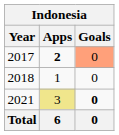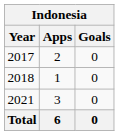 <table class="wikitable">
 <tr>
 <th colspan="5">Indonesia</th>
 </tr>
 <tr>
 <th>Year</th>
 <th>Apps</th>
 <th>Goals</th>
 </tr>
 <tr>
 <td>2017</td>
-<td align=center><strong>2</strong></td>
-<td align=center style="background: lightsalmon;">0</td>
+<td align=center>2</td>
+<td align=center>0</td>
 </tr>
 <tr>
 <td>2018</td>
 <td align=center>1</td>
 <td align=center>0</td>
 </tr>
 <tr>
 <td>2021</td>
-<td align=center style="background: khaki;">3</td>
-<td align=center><strong>0</strong></td>
+<td align=center>3</td>
+<td align=center>0</td>
 </tr>
 <tr>
 <th>Total</th>
 <th>6</th>
 <th>0</th>
 </tr>
 </table>
